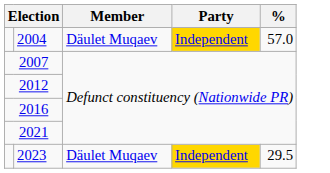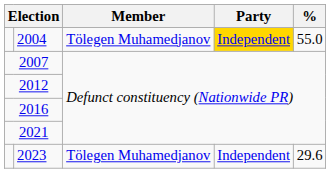 <table class="wikitable">
 <tr>
 <th colspan="2">Election</th>
 <th>Member</th>
 <th>Party</th>
 <th>%</th>
 </tr>
 <tr>
 <td style="background-color: "></td>
 <td><a href='#'>2004</a></td>
-<td><a href='#'>Däulet Muqaev</a></td>
+<td><a href='#'>Tölegen Muhamedjanov</a></td>
 <td style="background: gold;"><a href='#'>Independent</a></td>
-<td align="right">57.0</td>
+<td align="right">55.0</td>
 </tr>
 <tr>
 <td colspan="2" align="center"><a href='#'>2007</a></td>
 <td colspan="3" rowspan="4"><em>Defunct constituency (<a href='#'>Nationwide PR</a>)</em></td>
 </tr>
 <tr>
 <td colspan="2" align="center"><a href='#'>2012</a></td>
 </tr>
 <tr>
 <td colspan="2" align="center"><a href='#'>2016</a></td>
 </tr>
 <tr>
 <td colspan="2" align="center"><a href='#'>2021</a></td>
 </tr>
 <tr>
 <td style="background-color: "></td>
 <td><a href='#'>2023</a></td>
-<td><a href='#'>Däulet Muqaev</a></td>
-<td style="background: gold;"><a href='#'>Independent</a></td>
-<td align="right">29.5</td>
+<td><a href='#'>Tölegen Muhamedjanov</a></td>
+<td><a href='#'>Independent</a></td>
+<td align="right">29.6</td>
 </tr>
 </table>
